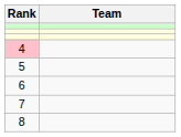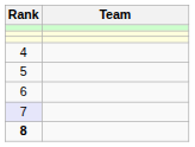 <table class=wikitable style="text-align:center;">
 <tr>
 <th>Rank</th>
 <th width=180>Team</th>
 </tr>
 <tr bgcolor=ccffcc>
 <td></td>
 <td align=left></td>
 </tr>
 <tr bgcolor=#ffffdd>
 <td></td>
 <td align=left></td>
 </tr>
 <tr bgcolor=#ffffdd>
 <td></td>
 <td align=left></td>
 </tr>
 <tr>
-<td style="background: pink;">4</td>
+<td>4</td>
 <td align=left></td>
 </tr>
 <tr>
 <td>5</td>
 <td align=left></td>
 </tr>
 <tr>
 <td>6</td>
 <td align=left></td>
 </tr>
 <tr>
-<td>7</td>
+<td style="background: lavender;">7</td>
 <td align=left></td>
 </tr>
 <tr>
-<td>8</td>
+<td><strong>8</strong></td>
 <td align=left></td>
 </tr>
 </table>
